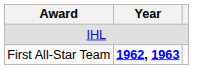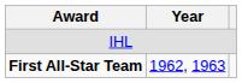 <table class="wikitable">
 <tr>
 <th>Award</th>
 <th>Year</th>
 <th></th>
 </tr>
 <tr ALIGN="center" bgcolor="#e0e0e0">
 <td colspan="3"><a href='#'>IHL</a></td>
 </tr>
 <tr>
-<td>First All-Star Team</td>
-<td><strong><a href='#'>1962</a>, <a href='#'>1963</a></strong></td>
+<td><strong>First All-Star Team</strong></td>
+<td><a href='#'>1962</a>, <a href='#'>1963</a></td>
 <td></td>
 </tr>
 </table>
